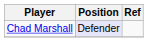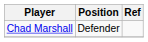 <table class=wikitable>
 <tr>
 <th>Player</th>
 <th>Position</th>
 <th>Ref</th>
 </tr>
 <tr>
 <td><a href='#'>Chad Marshall</a></td>
-<td style="background: lavender;">Defender</td>
+<td>Defender</td>
 <td></td>
 </tr>
 <tr>
 </tr>
 </table>
